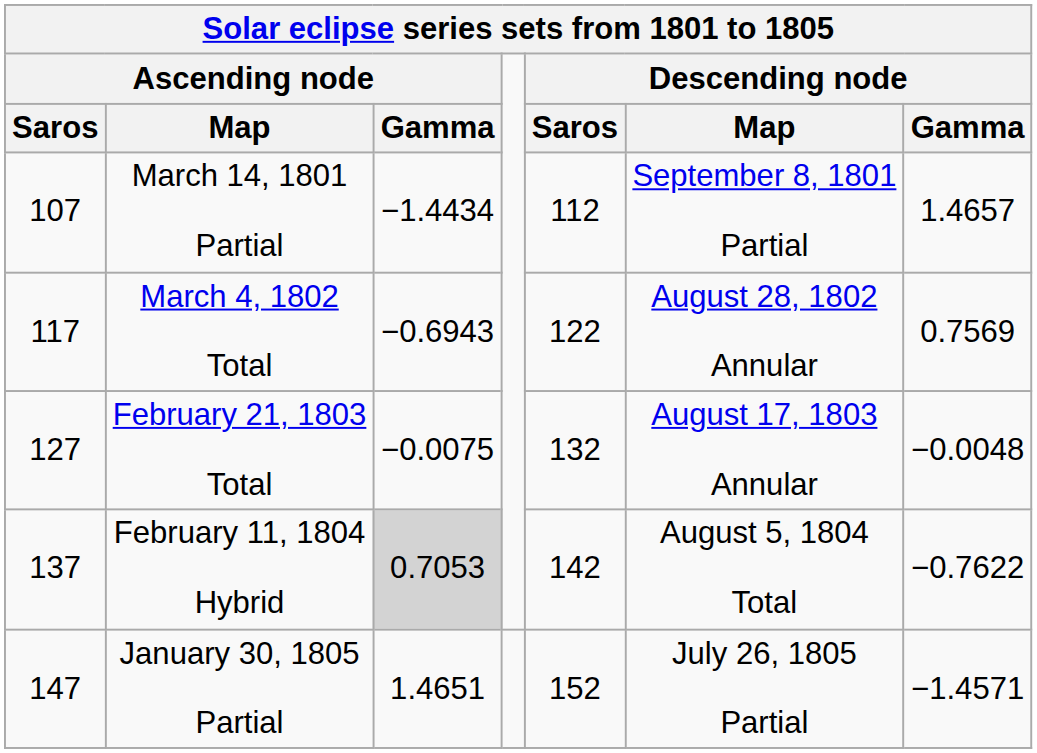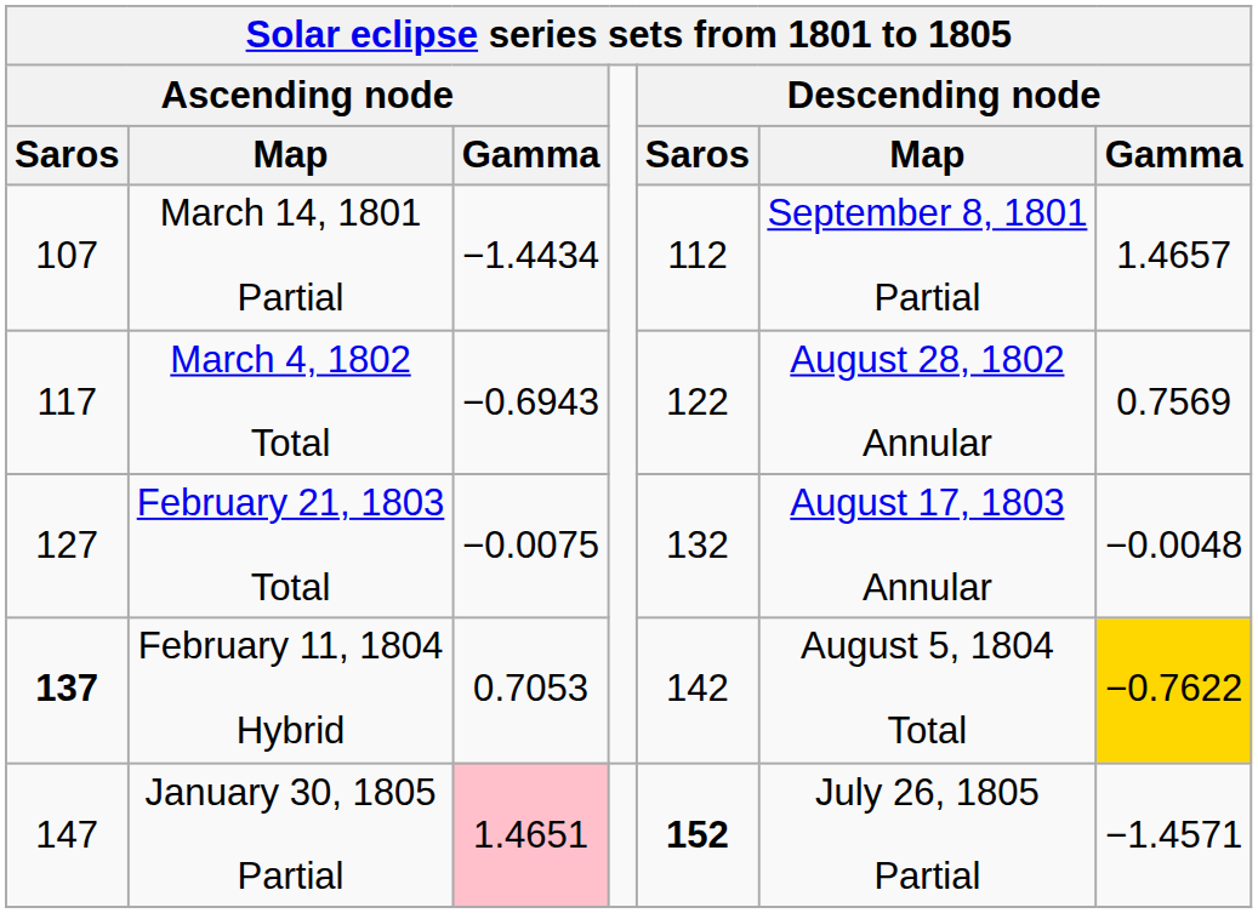 <table class="wikitable mw-collapsible mw-collapsed">
 <tr>
 <th class="nowrap" colspan="7"><a href='#'>Solar eclipse</a> series sets from 1801 to 1805</th>
 </tr>
 <tr>
 <th scope="col" colspan="3">Ascending node</th>
 <td rowspan="6"> </td>
 <th scope="col" colspan="3">Descending node</th>
 </tr>
 <tr style="text-align: center;">
 <th scope="col">Saros</th>
 <th scope="col">Map</th>
 <th scope="col">Gamma</th>
 <th scope="col">Saros</th>
 <th scope="col">Map</th>
 <th scope="col">Gamma</th>
 </tr>
 <tr style="text-align: center;">
 <td>107</td>
 <td>March 14, 1801<br><br>Partial</td>
 <td>−1.4434</td>
 <td>112</td>
 <td><a href='#'>September 8, 1801</a><br><br>Partial</td>
 <td>1.4657</td>
 </tr>
 <tr style="text-align: center;">
 <td>117</td>
 <td><a href='#'>March 4, 1802</a><br><br>Total</td>
 <td>−0.6943</td>
 <td>122</td>
 <td><a href='#'>August 28, 1802</a><br><br>Annular</td>
 <td>0.7569</td>
 </tr>
 <tr style="text-align: center;">
 <td>127</td>
 <td><a href='#'>February 21, 1803</a><br><br>Total</td>
 <td>−0.0075</td>
 <td>132</td>
 <td><a href='#'>August 17, 1803</a><br><br>Annular</td>
 <td>−0.0048</td>
 </tr>
 <tr style="text-align: center;">
-<td>137</td>
+<td><strong>137</strong></td>
 <td>February 11, 1804<br><br>Hybrid</td>
-<td style="background: lightgrey;">0.7053</td>
+<td>0.7053</td>
 <td>142</td>
 <td>August 5, 1804<br><br>Total</td>
-<td>−0.7622</td>
+<td style="background: gold;">−0.7622</td>
 </tr>
 <tr style="text-align: center;">
 <td>147</td>
 <td>January 30, 1805<br><br>Partial</td>
-<td>1.4651</td>
+<td style="background: pink;">1.4651</td>
 <td></td>
-<td>152</td>
+<td><strong>152</strong></td>
 <td>July 26, 1805<br><br>Partial</td>
 <td>−1.4571</td>
 </tr>
 </table>
